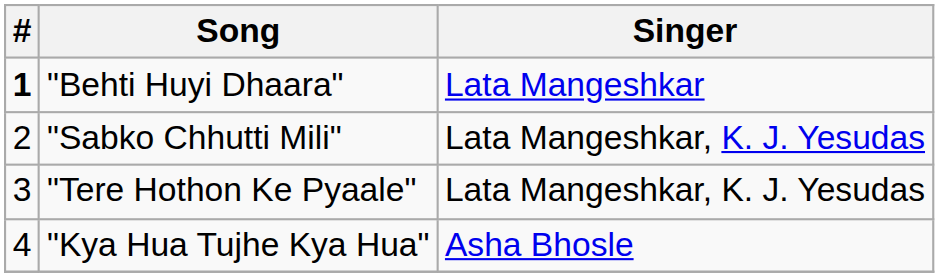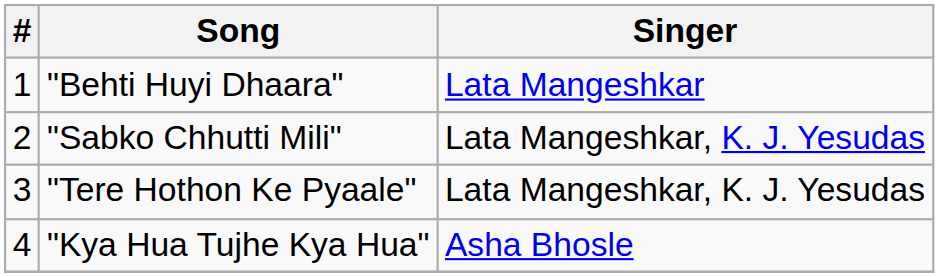 <table class="wikitable">
 <tr>
 <th>#</th>
 <th>Song</th>
 <th>Singer</th>
 </tr>
 <tr>
-<td><strong>1</strong></td>
+<td>1</td>
 <td>"Behti Huyi Dhaara"</td>
 <td><a href='#'>Lata Mangeshkar</a></td>
 </tr>
 <tr>
 <td>2</td>
 <td>"Sabko Chhutti Mili"</td>
 <td>Lata Mangeshkar, <a href='#'>K. J. Yesudas</a></td>
 </tr>
 <tr>
 <td>3</td>
 <td>"Tere Hothon Ke Pyaale"</td>
 <td>Lata Mangeshkar, K. J. Yesudas</td>
 </tr>
 <tr>
 <td>4</td>
 <td>"Kya Hua Tujhe Kya Hua"</td>
 <td><a href='#'>Asha Bhosle</a></td>
 </tr>
 <tr>
 </tr>
 </table>
